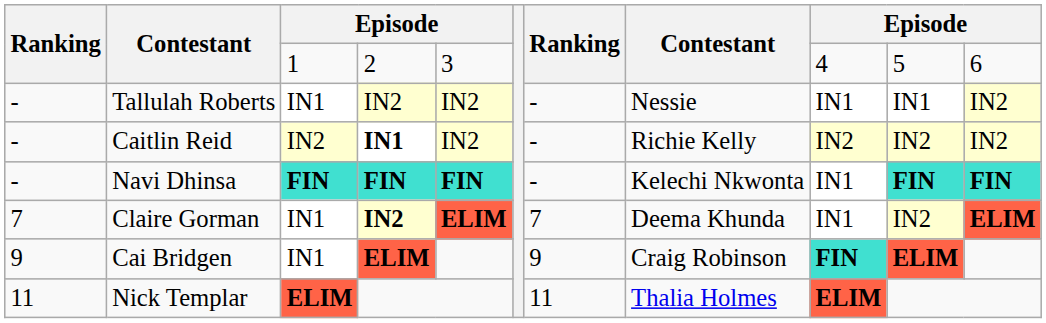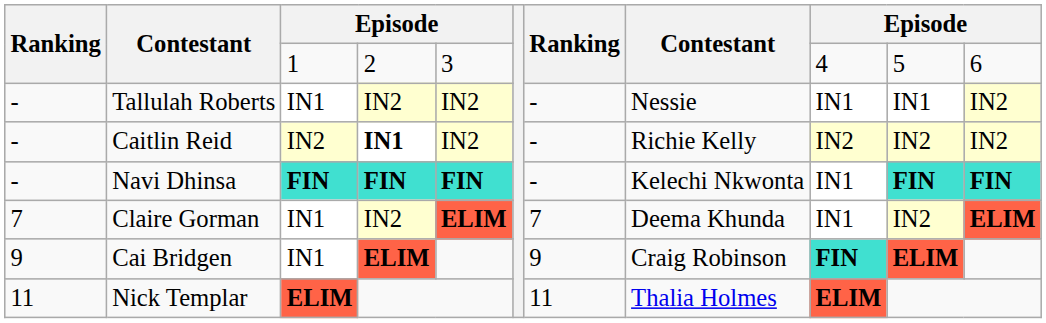 <table class="wikitable">
 <tr>
 <th rowspan="2">Ranking</th>
 <th rowspan="2">Contestant</th>
 <th colspan="3">Episode</th>
 <th rowspan="8"></th>
 <th rowspan="2">Ranking</th>
 <th rowspan="2">Contestant</th>
 <th colspan="3">Episode</th>
 </tr>
 <tr>
 <td>1</td>
 <td>2</td>
 <td>3</td>
 <td>4</td>
 <td>5</td>
 <td>6</td>
 </tr>
 <tr>
 <td>-</td>
 <td>Tallulah Roberts</td>
 <td style="background:white;">IN1</td>
 <td style="background:#FFFFD0;">IN2</td>
 <td style="background:#FFFFD0;">IN2</td>
 <td>-</td>
 <td>Nessie</td>
 <td style="background:white;">IN1</td>
 <td style="background:white;">IN1</td>
 <td style="background:#FFFFD0;">IN2</td>
 </tr>
 <tr>
 <td>-</td>
 <td>Caitlin Reid</td>
 <td style="background:#FFFFD0;">IN2</td>
 <td style="background:white;"><strong>IN1</strong></td>
 <td style="background:#FFFFD0;">IN2</td>
 <td>-</td>
 <td>Richie Kelly</td>
 <td style="background:#FFFFD0;">IN2</td>
 <td style="background:#FFFFD0;">IN2</td>
 <td style="background:#FFFFD0;">IN2</td>
 </tr>
 <tr>
 <td>-</td>
 <td>Navi Dhinsa</td>
 <td style="background:turquoise;"><strong>FIN</strong></td>
 <td style="background:turquoise;"><strong>FIN</strong></td>
 <td style="background:turquoise;"><strong>FIN</strong></td>
 <td>-</td>
 <td>Kelechi Nkwonta</td>
 <td style="background:white;">IN1</td>
 <td style="background:turquoise;"><strong>FIN</strong></td>
 <td style="background:turquoise;"><strong>FIN</strong></td>
 </tr>
 <tr>
 <td>7</td>
 <td>Claire Gorman</td>
 <td style="background:white;">IN1</td>
-<td style="background:#FFFFD0;"><strong>IN2</strong></td>
+<td style="background:#FFFFD0;">IN2</td>
 <td style="background:tomato;"><strong>ELIM</strong></td>
 <td>7</td>
 <td>Deema Khunda</td>
 <td style="background:white;">IN1</td>
 <td style="background:#FFFFD0;">IN2</td>
 <td style="background:tomato;"><strong>ELIM</strong></td>
 </tr>
 <tr>
 <td>9</td>
 <td>Cai Bridgen</td>
 <td style="background:white;">IN1</td>
 <td style="background:tomato;"><strong>ELIM</strong></td>
 <td></td>
 <td>9</td>
 <td>Craig Robinson</td>
 <td style="background:turquoise;"><strong>FIN</strong></td>
 <td style="background:tomato;"><strong>ELIM</strong></td>
 <td></td>
 </tr>
 <tr>
 <td>11</td>
 <td>Nick Templar</td>
 <td style="background:tomato;"><strong>ELIM</strong></td>
 <td colspan="2"></td>
 <td>11</td>
 <td><a href='#'>Thalia Holmes</a></td>
 <td style="background:tomato;"><strong>ELIM</strong></td>
 <td colspan="2"></td>
 </tr>
 </table>
